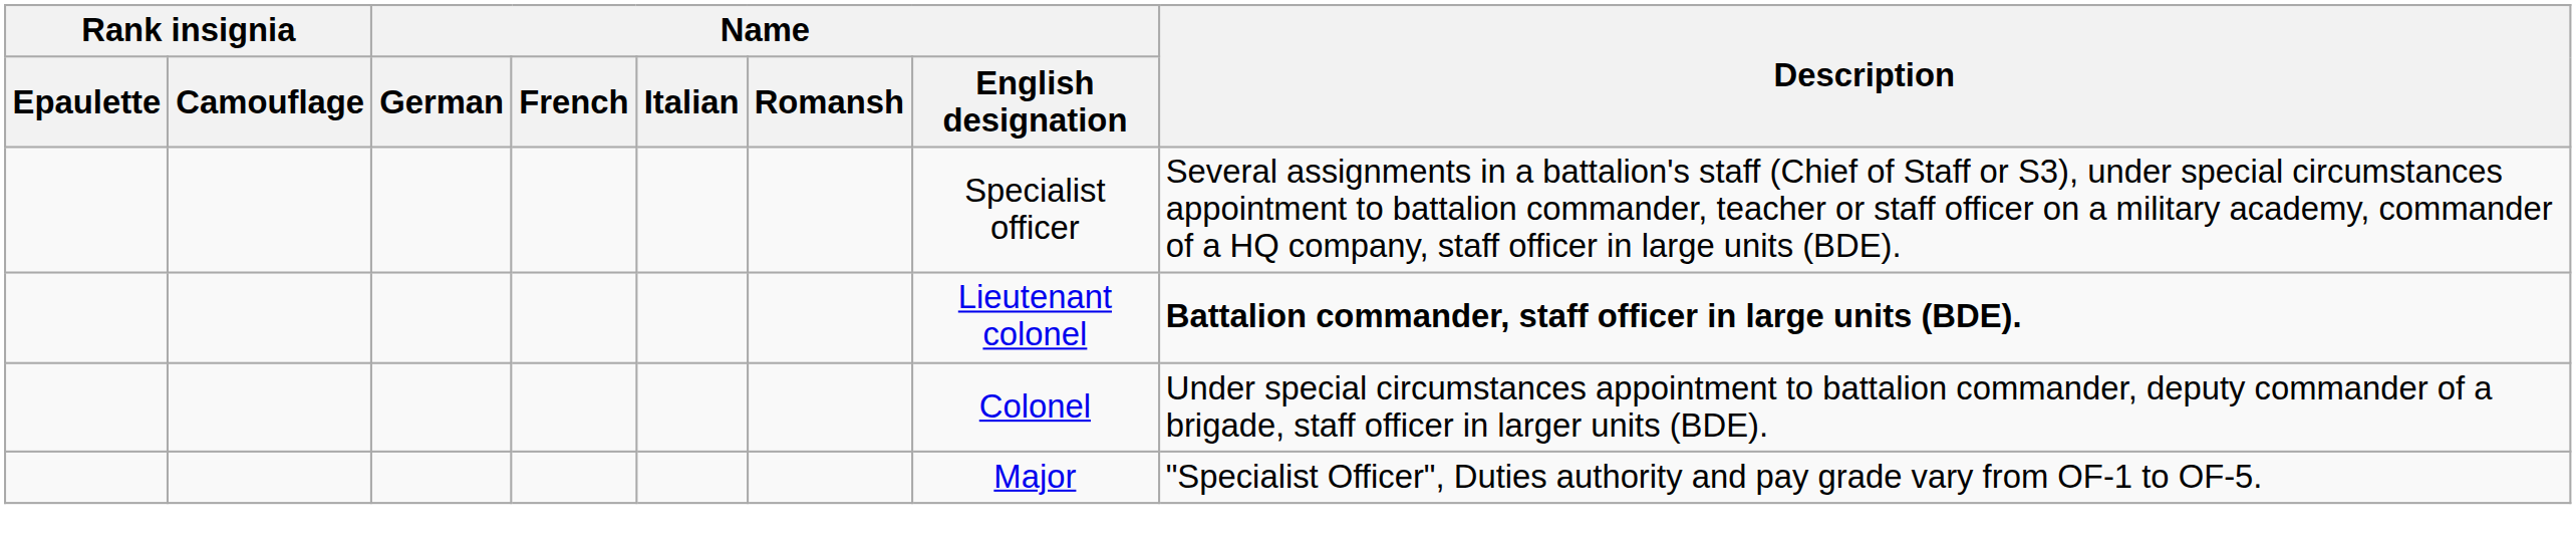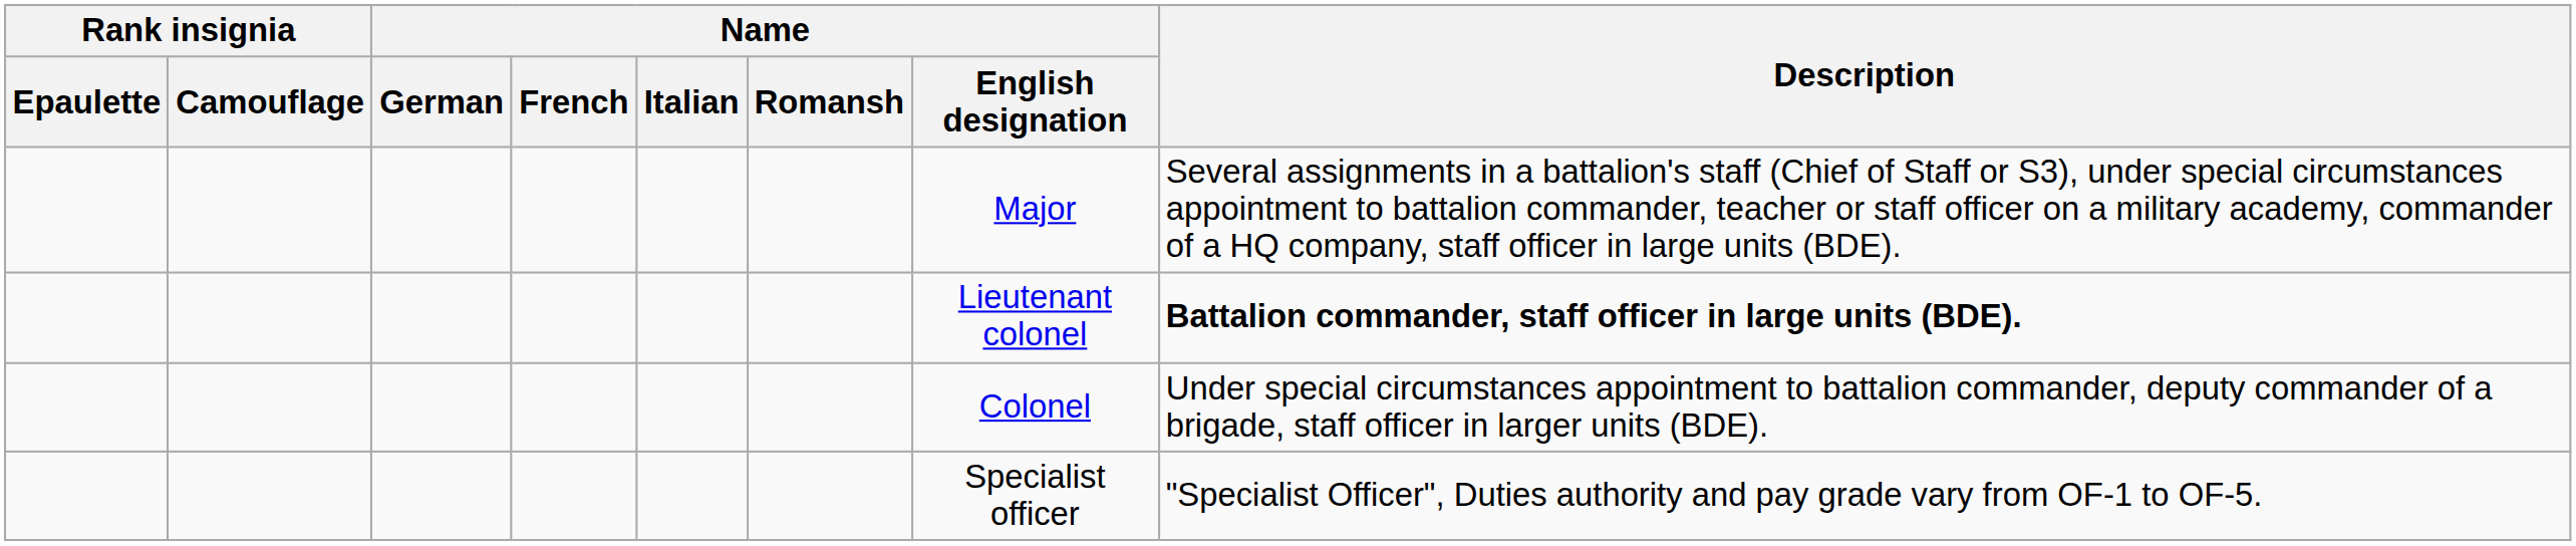 <table class="wikitable" style="text-align:center;">
 <tr>
 <th colspan=2>Rank insignia</th>
 <th colspan=5>Name</th>
 <th rowspan=2>Description</th>
 </tr>
 <tr>
 <th>Epaulette</th>
 <th>Camouflage</th>
 <th>German</th>
 <th>French</th>
 <th>Italian</th>
 <th>Romansh<br></th>
 <th>English designation</th>
 </tr>
 <tr>
 <td></td>
 <td></td>
 <td><br></td>
 <td><br></td>
 <td><br></td>
 <td><br></td>
-<td>Specialist officer</td>
+<td><a href='#'>Major</a></td>
 <td style="text-align:left;">Several assignments in a battalion's staff (Chief of Staff or S3), under special circumstances appointment to battalion commander, teacher or staff officer on a military academy, commander of a HQ company, staff officer in large units (BDE).</td>
 </tr>
 <tr>
 <td></td>
 <td></td>
 <td><br></td>
 <td><br></td>
 <td><br></td>
 <td><br></td>
 <td><a href='#'>Lieutenant colonel</a></td>
 <td style="text-align:left;"><strong>Battalion commander, staff officer in large units (BDE).</strong></td>
 </tr>
 <tr>
 <td></td>
 <td></td>
 <td><br></td>
 <td><br></td>
 <td><br></td>
 <td><br></td>
 <td><a href='#'>Colonel</a></td>
 <td style="text-align:left;">Under special circumstances appointment to battalion commander, deputy commander of a brigade, staff officer in larger units (BDE).</td>
 </tr>
 <tr>
 <td></td>
 <td></td>
 <td><br></td>
 <td><br></td>
 <td><br></td>
 <td><br></td>
-<td><a href='#'>Major</a></td>
+<td>Specialist officer</td>
 <td style="text-align:left;">"Specialist Officer", Duties authority and pay grade vary from OF-1 to OF-5.</td>
 </tr>
 </table>
